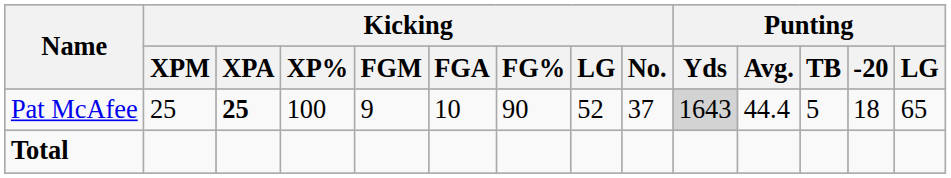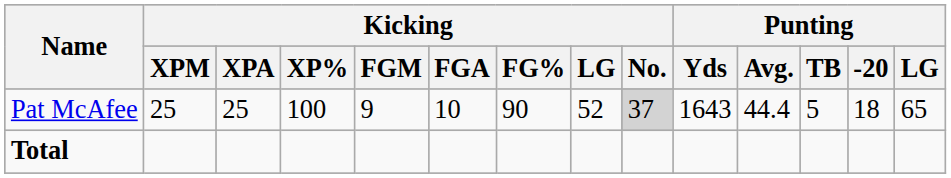 <table class="wikitable" style="white-space:nowrap;">
 <tr>
 <th rowspan="2">Name</th>
 <th colspan="8">Kicking</th>
 <th colspan="5">Punting</th>
 </tr>
 <tr>
 <th>XPM</th>
 <th>XPA</th>
 <th>XP%</th>
 <th>FGM</th>
 <th>FGA</th>
 <th>FG%</th>
 <th>LG</th>
 <th>No.</th>
 <th>Yds</th>
 <th>Avg.</th>
 <th>TB</th>
 <th>-20</th>
 <th>LG</th>
 </tr>
 <tr>
 <td><a href='#'>Pat McAfee</a></td>
 <td>25</td>
-<td><strong>25</strong></td>
+<td>25</td>
 <td>100</td>
 <td>9</td>
 <td>10</td>
 <td>90</td>
 <td>52</td>
-<td>37</td>
-<td style="background: lightgrey;">1643</td>
+<td style="background: lightgrey;">37</td>
+<td>1643</td>
 <td>44.4</td>
 <td>5</td>
 <td>18</td>
 <td>65</td>
 </tr>
 <tr>
 <td><strong>Total</strong></td>
 <td></td>
 <td></td>
 <td></td>
 <td></td>
 <td></td>
 <td></td>
 <td></td>
 <td></td>
 <td></td>
 <td></td>
 <td></td>
 <td></td>
 <td></td>
 </tr>
 </table>
